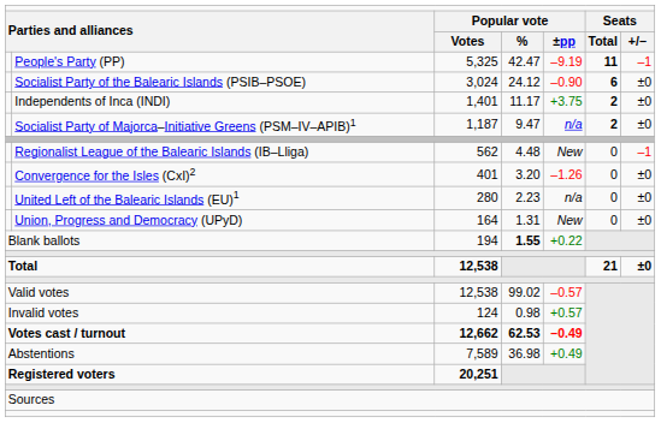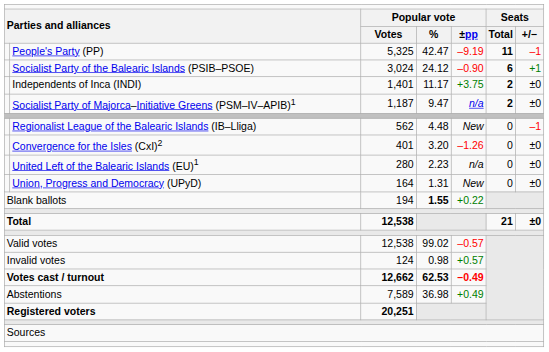 <table class="wikitable" style="text-align:right; font-size:98%;">
 <tr>
 <td colspan="7"></td>
 </tr>
 <tr>
 <th style="text-align:left;" rowspan="2" colspan="2" width="525">Parties and alliances</th>
 <th colspan="3">Popular vote</th>
 <th colspan="2">Seats</th>
 </tr>
 <tr>
 <th width="75">Votes</th>
 <th width="45">%</th>
 <th width="45">±<a href='#'>pp</a></th>
 <th width="35">Total</th>
 <th width="35">+/−</th>
 </tr>
 <tr>
 <td width="1" style="color:inherit;background:"></td>
 <td align="left"><a href='#'>People's Party</a> (PP)</td>
 <td>5,325</td>
 <td>42.47</td>
 <td style="color:red;">–9.19</td>
 <td><strong>11</strong></td>
 <td style="color:red;">–1</td>
 </tr>
 <tr>
 <td style="color:inherit;background:"></td>
 <td align="left"><a href='#'>Socialist Party of the Balearic Islands</a> (PSIB–PSOE)</td>
 <td>3,024</td>
 <td>24.12</td>
 <td style="color:red;">–0.90</td>
 <td><strong>6</strong></td>
-<td>±0</td>
+<td style="color:green;">+1</td>
 </tr>
 <tr>
 <td style="color:inherit;background:"></td>
 <td align="left">Independents of Inca (INDI)</td>
 <td>1,401</td>
 <td>11.17</td>
 <td style="color:green;">+3.75</td>
 <td><strong>2</strong></td>
 <td>±0</td>
 </tr>
 <tr>
 <td style="color:inherit;background:"></td>
 <td align="left"><a href='#'>Socialist Party of Majorca</a>–<a href='#'>Initiative Greens</a> (PSM–IV–APIB)<sup>1</sup></td>
 <td>1,187</td>
 <td>9.47</td>
 <td><em><a href='#'>n/a</a></em></td>
 <td><strong>2</strong></td>
 <td>±0</td>
 </tr>
 <tr>
 <td colspan="7" style="color:inherit;background:#C0C0C0"></td>
 </tr>
 <tr>
 <td style="color:inherit;background:"></td>
 <td align="left"><a href='#'>Regionalist League of the Balearic Islands</a> (IB–Lliga)</td>
 <td>562</td>
 <td>4.48</td>
 <td><em>New</em></td>
 <td>0</td>
 <td style="color:red;">–1</td>
 </tr>
 <tr>
 <td style="color:inherit;background:"></td>
 <td align="left"><a href='#'>Convergence for the Isles</a> (CxI)<sup>2</sup></td>
 <td>401</td>
 <td>3.20</td>
 <td style="color:red;">–1.26</td>
 <td>0</td>
 <td>±0</td>
 </tr>
 <tr>
 <td style="color:inherit;background:"></td>
 <td align="left"><a href='#'>United Left of the Balearic Islands</a> (EU)<sup>1</sup></td>
 <td>280</td>
 <td>2.23</td>
 <td><em>n/a</em></td>
 <td>0</td>
 <td>±0</td>
 </tr>
 <tr>
 <td style="color:inherit;background:"></td>
 <td align="left"><a href='#'>Union, Progress and Democracy</a> (UPyD)</td>
 <td>164</td>
 <td>1.31</td>
 <td><em>New</em></td>
 <td>0</td>
 <td>±0</td>
 </tr>
 <tr>
 <td align="left" colspan="2">Blank ballots</td>
 <td>194</td>
 <td><strong>1.55</strong></td>
 <td style="color:green;">+0.22</td>
 <td style="color:inherit;background:#E9E9E9" colspan="2"></td>
 </tr>
 <tr>
 <td colspan="7" style="color:inherit;background:#E9E9E9"></td>
 </tr>
 <tr style="font-weight:bold;">
 <td align="left" colspan="2">Total</td>
 <td>12,538</td>
 <td bgcolor="#E9E9E9" colspan="2"></td>
 <td>21</td>
 <td>±0</td>
 </tr>
 <tr>
 <td colspan="7" style="color:inherit;background:#E9E9E9"></td>
 </tr>
 <tr>
 <td align="left" colspan="2">Valid votes</td>
 <td>12,538</td>
 <td>99.02</td>
 <td style="color:red;">–0.57</td>
 <td bgcolor="#E9E9E9" colspan="2" rowspan="5"></td>
 </tr>
 <tr>
 <td align="left" colspan="2">Invalid votes</td>
 <td>124</td>
 <td>0.98</td>
 <td style="color:green;">+0.57</td>
 </tr>
 <tr style="font-weight:bold;">
 <td align="left" colspan="2">Votes cast / turnout</td>
 <td>12,662</td>
 <td>62.53</td>
 <td style="color:red;">–0.49</td>
 </tr>
 <tr>
 <td align="left" colspan="2">Abstentions</td>
 <td>7,589</td>
 <td>36.98</td>
 <td style="color:green;">+0.49</td>
 </tr>
 <tr style="font-weight:bold;">
 <td align="left" colspan="2">Registered voters</td>
 <td>20,251</td>
 <td bgcolor="#E9E9E9" colspan="2"></td>
 </tr>
 <tr>
 <td colspan="7" style="color:inherit;background:#E9E9E9"></td>
 </tr>
 <tr>
 <td align="left" colspan="7">Sources</td>
 </tr>
 <tr>
 <td colspan="7" style="text-align:left; max-width:790px;"></td>
 </tr>
 </table>
